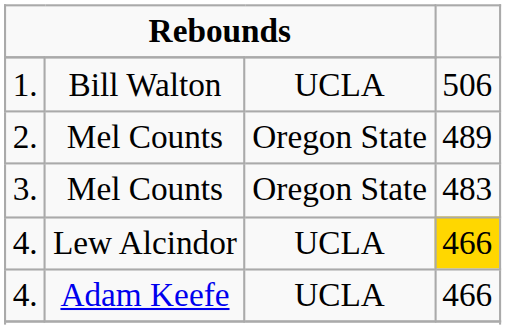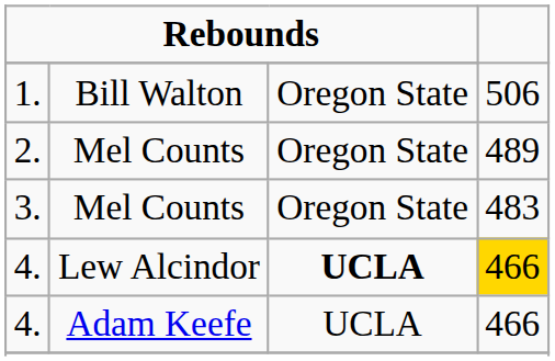 <table class="wikitable" style="display: inline-table;">
 <tr>
 <td align="center" Colspan="3"><strong>Rebounds</strong></td>
 </tr>
 <tr align="center">
 </tr>
 <tr align="center">
 <td>1.</td>
 <td>Bill Walton</td>
-<td>UCLA</td>
+<td>Oregon State</td>
 <td>506</td>
 </tr>
 <tr align="center">
 <td>2.</td>
 <td>Mel Counts</td>
 <td>Oregon State</td>
 <td>489</td>
 </tr>
 <tr align="center">
 <td>3.</td>
 <td>Mel Counts</td>
 <td>Oregon State</td>
 <td>483</td>
 </tr>
 <tr align="center">
 <td>4.</td>
 <td>Lew Alcindor</td>
-<td>UCLA</td>
+<td><strong>UCLA</strong></td>
 <td style="background: gold;">466</td>
 </tr>
 <tr align="center">
 <td>4.</td>
 <td><a href='#'>Adam Keefe</a></td>
 <td>UCLA</td>
 <td>466</td>
 </tr>
 <tr align="center">
 </tr>
 <tr>
 </tr>
 </table>
